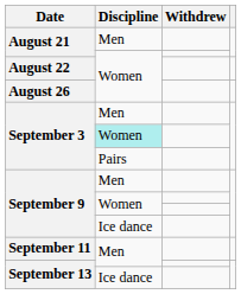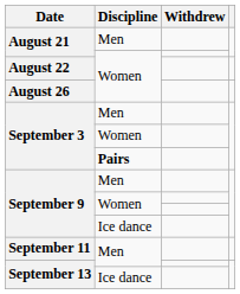 <table class="wikitable unsortable">
 <tr>
 <th scope="col">Date</th>
 <th scope="col">Discipline</th>
 <th scope="col">Withdrew</th>
 <th scope="col"></th>
 </tr>
 <tr>
 <th rowspan="2" scope="row" style="text-align:left">August 21</th>
 <td>Men</td>
 <td></td>
 <td rowspan="2"></td>
 </tr>
 <tr>
 <td rowspan="3">Women</td>
 <td></td>
 </tr>
 <tr>
 <th scope="row" style="text-align:left">August 22</th>
 <td></td>
 <td></td>
 </tr>
 <tr>
 <th scope="row" style="text-align:left">August 26</th>
 <td></td>
 <td></td>
 </tr>
 <tr>
 <th scope="row" style="text-align:left" rowspan="3">September 3</th>
 <td>Men</td>
 <td></td>
 <td rowspan="3"></td>
 </tr>
 <tr>
-<td style="background: paleturquoise;">Women</td>
+<td>Women</td>
 <td></td>
 </tr>
 <tr>
-<td>Pairs</td>
+<td><strong>Pairs</strong></td>
 <td></td>
 </tr>
 <tr>
 <th scope="row" style="text-align:left" rowspan="4">September 9</th>
 <td>Men</td>
 <td></td>
 <td rowspan="4"></td>
 </tr>
 <tr>
 <td rowspan="2">Women</td>
 <td></td>
 </tr>
 <tr>
 <td></td>
 </tr>
 <tr>
 <td>Ice dance</td>
 <td></td>
 </tr>
 <tr>
 <th scope="row" style="text-align:left">September 11</th>
 <td rowspan="2">Men</td>
 <td></td>
 <td></td>
 </tr>
 <tr>
 <th rowspan="2" scope="row" style="text-align:left">September 13</th>
 <td></td>
 <td rowspan="2"></td>
 </tr>
 <tr>
 <td>Ice dance</td>
 <td></td>
 </tr>
 </table>
